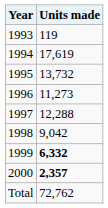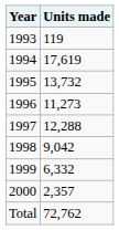 <table class="wikitable sortable" style="float:right; margin-left:1em;">
 <tr>
 <th style="background:#e8f4f8;">Year</th>
 <th style="background:#e8f4f8;">Units made</th>
 </tr>
 <tr>
 <td>1993</td>
 <td>119</td>
 </tr>
 <tr>
 <td>1994</td>
 <td>17,619</td>
 </tr>
 <tr>
 <td>1995</td>
 <td>13,732</td>
 </tr>
 <tr>
 <td>1996</td>
 <td>11,273</td>
 </tr>
 <tr>
 <td>1997</td>
 <td>12,288</td>
 </tr>
 <tr>
 <td>1998</td>
 <td>9,042</td>
 </tr>
 <tr>
 <td>1999</td>
-<td><strong>6,332</strong></td>
+<td>6,332</td>
 </tr>
 <tr>
 <td>2000</td>
-<td><strong>2,357</strong></td>
+<td>2,357</td>
 </tr>
 <tr>
 <td>Total</td>
 <td>72,762</td>
 </tr>
 </table>
